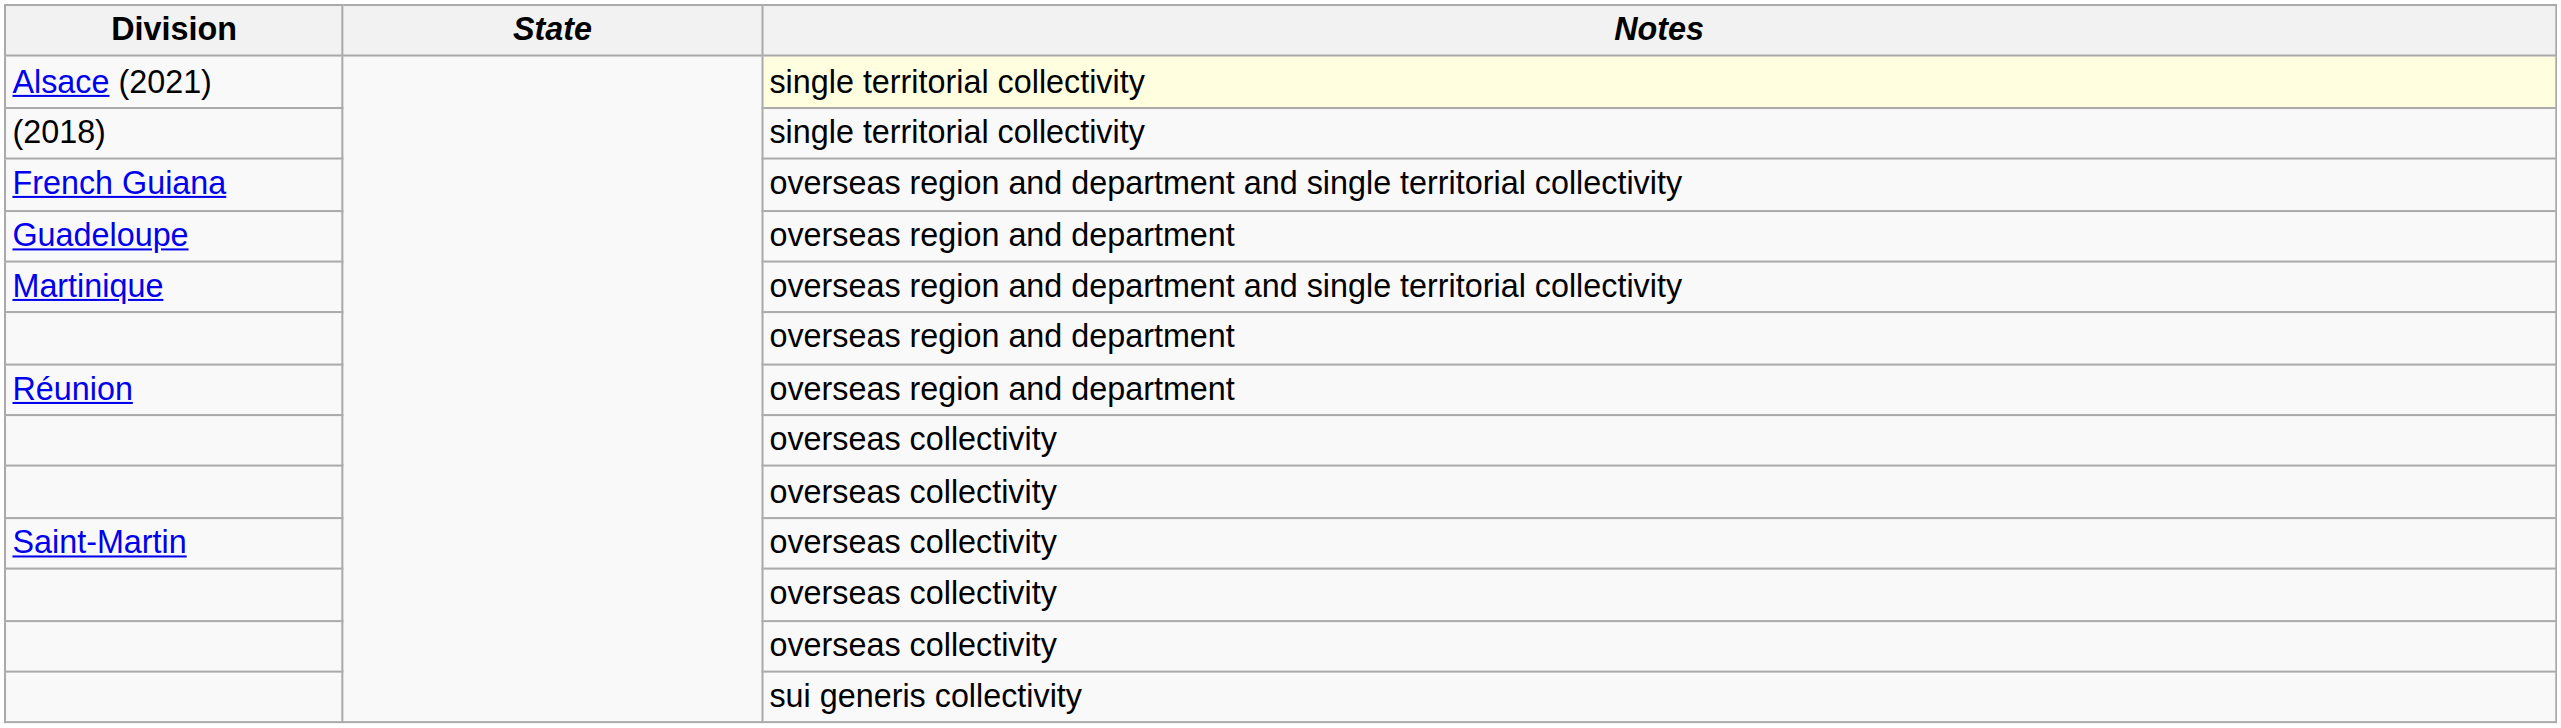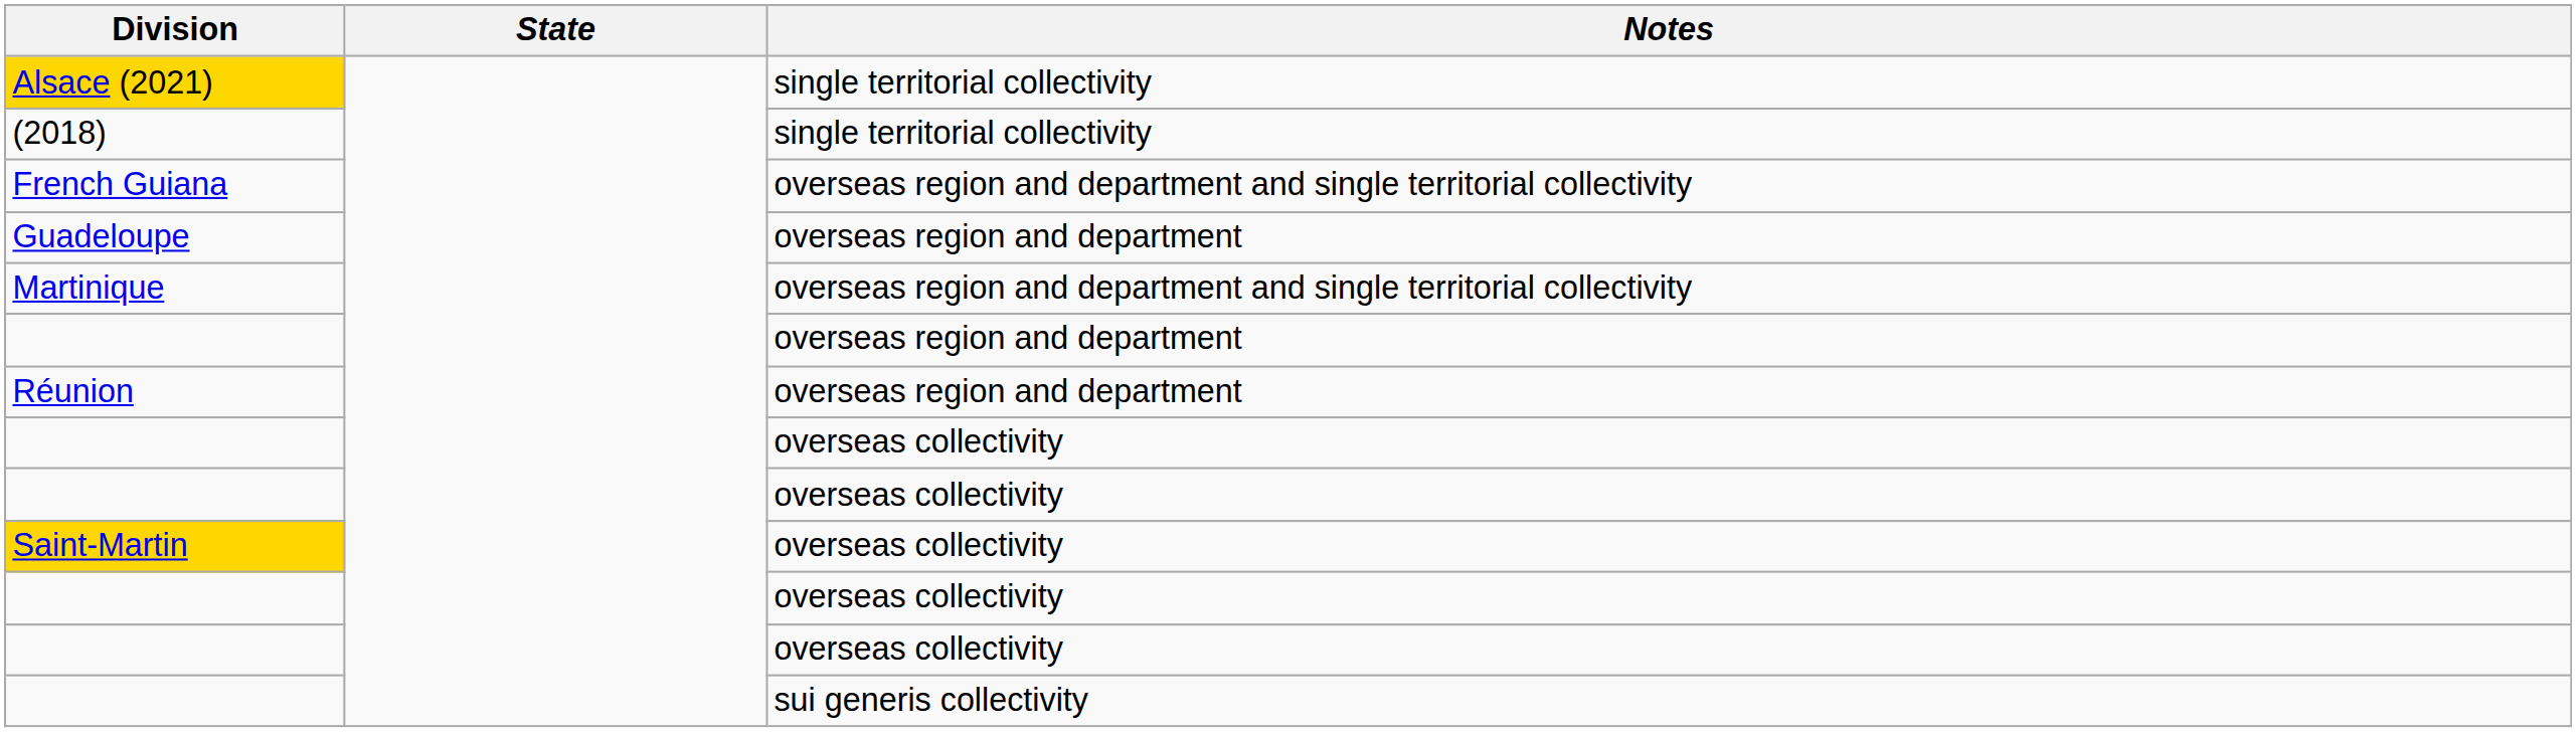 <table width="100%" class="wikitable">
 <tr>
 <th width="160px">Division</th>
 <th class="unsortable" width="200px"><em>State</em></th>
 <th class="unsortable"><em>Notes</em></th>
 </tr>
 <tr>
-<td> <a href='#'>Alsace</a> (2021)</td>
+<td style="background: gold;"> <a href='#'>Alsace</a> (2021)</td>
 <td rowspan="15"></td>
-<td style="background: lightyellow;">single territorial collectivity</td>
+<td>single territorial collectivity</td>
 </tr>
 <tr>
 <td> (2018)</td>
 <td>single territorial collectivity</td>
 </tr>
 <tr>
 <td> <a href='#'>French Guiana</a></td>
 <td>overseas region and department and single territorial collectivity</td>
 </tr>
 <tr>
 <td> <a href='#'>Guadeloupe</a></td>
 <td>overseas region and department</td>
 </tr>
 <tr>
 <td> <a href='#'>Martinique</a></td>
 <td>overseas region and department and single territorial collectivity</td>
 </tr>
 <tr>
 <td></td>
 <td>overseas region and department</td>
 </tr>
 <tr>
 <td> <a href='#'>Réunion</a></td>
 <td>overseas region and department</td>
 </tr>
 <tr>
 <td></td>
 <td>overseas collectivity</td>
 </tr>
 <tr>
 <td></td>
 <td>overseas collectivity</td>
 </tr>
 <tr>
-<td> <a href='#'>Saint-Martin</a></td>
+<td style="background: gold;"> <a href='#'>Saint-Martin</a></td>
 <td>overseas collectivity</td>
 </tr>
 <tr>
 <td></td>
 <td>overseas collectivity</td>
 </tr>
 <tr>
 <td></td>
 <td>overseas collectivity</td>
 </tr>
 <tr>
 <td></td>
 <td>sui generis collectivity</td>
 </tr>
 </table>
